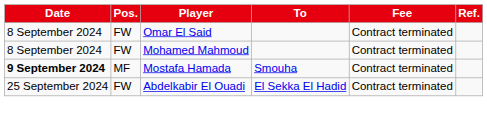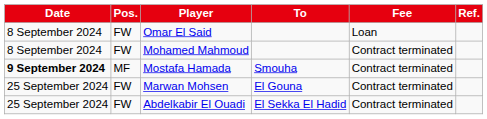 <table class="wikitable plainrowheaders sortable">
 <tr>
 <th style="background:#e6000f; color:#ffffff; ">Date</th>
 <th style="background:#e6000f; color:#ffffff; ">Pos.</th>
 <th style="background:#e6000f; color:#ffffff; ">Player</th>
 <th style="background:#e6000f; color:#ffffff; ">To</th>
 <th style="background:#e6000f; color:#ffffff; ">Fee</th>
 <th style="background:#e6000f; color:#ffffff; ">Ref.</th>
 </tr>
 <tr>
 <td>8 September 2024</td>
 <td>FW</td>
 <td> <a href='#'>Omar El Said</a></td>
 <td></td>
-<td>Contract terminated</td>
+<td>Loan</td>
 <td></td>
 </tr>
 <tr>
 <td>8 September 2024</td>
 <td>FW</td>
 <td> <a href='#'>Mohamed Mahmoud</a></td>
 <td></td>
 <td>Contract terminated</td>
 <td></td>
 </tr>
 <tr>
 <td><strong>9 September 2024</strong></td>
 <td>MF</td>
 <td> <a href='#'>Mostafa Hamada</a></td>
 <td> <a href='#'>Smouha</a></td>
 <td>Contract terminated</td>
 <td></td>
 </tr>
 <tr>
 <td>25 September 2024</td>
 <td>FW</td>
+<td> <a href='#'>Marwan Mohsen</a></td>
+<td> <a href='#'>El Gouna</a></td>
+<td>Contract terminated</td>
+<td></td>
+</tr>
+<tr>
+<td>25 September 2024</td>
+<td>FW</td>
 <td> <a href='#'>Abdelkabir El Ouadi</a></td>
 <td> <a href='#'>El Sekka El Hadid</a></td>
 <td>Contract terminated</td>
 <td></td>
 </tr>
 </table>
